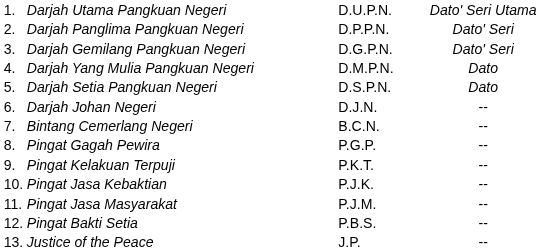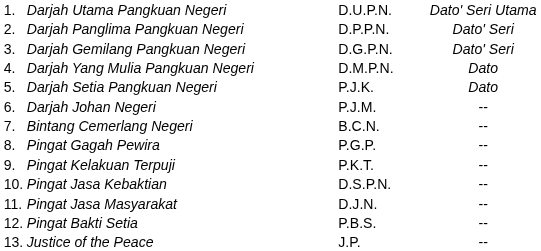 <table>
 <tr>
 <td>1.</td>
 <td width=350px><em>Darjah Utama Pangkuan Negeri</em></td>
 <td width=100px>D.U.P.N.</td>
 <td align=center><em>Dato' Seri Utama</em></td>
 </tr>
 <tr>
 <td>2.</td>
 <td><em>Darjah Panglima Pangkuan Negeri</em></td>
 <td>D.P.P.N.</td>
 <td align=center><em>Dato' Seri</em></td>
 </tr>
 <tr>
 <td>3.</td>
 <td><em>Darjah Gemilang Pangkuan Negeri</em></td>
 <td>D.G.P.N.</td>
 <td align=center><em>Dato' Seri</em></td>
 </tr>
 <tr>
 <td>4.</td>
 <td><em>Darjah Yang Mulia Pangkuan Negeri</em></td>
 <td>D.M.P.N.</td>
 <td align=center><em>Dato</em></td>
 </tr>
 <tr>
 <td>5.</td>
 <td><em>Darjah Setia Pangkuan Negeri</em></td>
-<td>D.S.P.N.</td>
+<td>P.J.K.</td>
 <td align=center><em>Dato</em></td>
 </tr>
 <tr>
 <td>6.</td>
 <td><em>Darjah Johan Negeri</em></td>
-<td>D.J.N.</td>
+<td>P.J.M.</td>
 <td align=center>--</td>
 </tr>
 <tr>
 <td>7.</td>
 <td><em>Bintang Cemerlang Negeri</em></td>
 <td>B.C.N.</td>
 <td align=center>--</td>
 </tr>
 <tr>
 <td>8.</td>
 <td><em>Pingat Gagah Pewira</em></td>
 <td>P.G.P.</td>
 <td align=center>--</td>
 </tr>
 <tr>
 <td>9.</td>
 <td><em>Pingat Kelakuan Terpuji</em></td>
 <td>P.K.T.</td>
 <td align=center>--</td>
 </tr>
 <tr>
 <td>10.</td>
 <td><em>Pingat Jasa Kebaktian</em></td>
-<td>P.J.K.</td>
+<td>D.S.P.N.</td>
 <td align=center>--</td>
 </tr>
 <tr>
 <td>11.</td>
 <td><em>Pingat Jasa Masyarakat</em></td>
-<td>P.J.M.</td>
+<td>D.J.N.</td>
 <td align=center>--</td>
 </tr>
 <tr>
 <td>12.</td>
 <td><em>Pingat Bakti Setia</em></td>
 <td>P.B.S.</td>
 <td align=center>--</td>
 </tr>
 <tr>
 <td>13.</td>
 <td><em>Justice of the Peace</em></td>
 <td>J.P.</td>
 <td align=center>--</td>
 </tr>
 </table>
